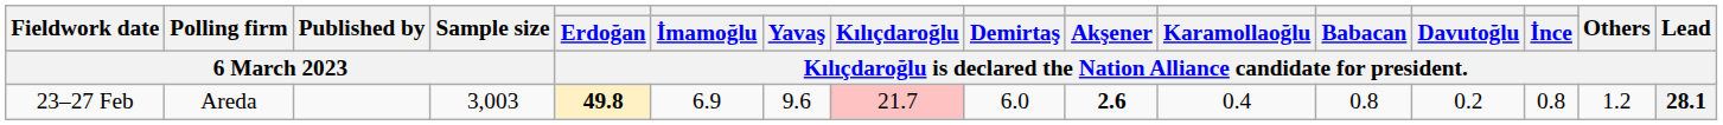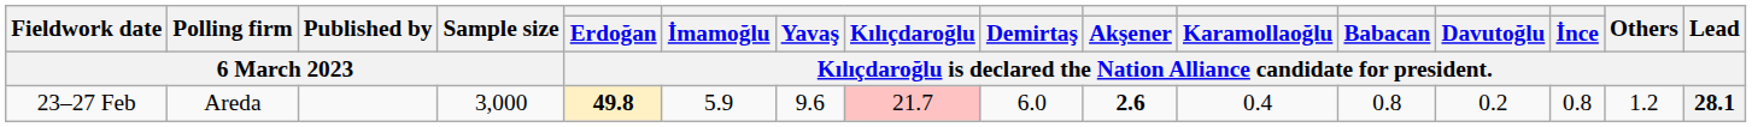 <table class="wikitable mw-datatable mw-collapsible" style="text-align:center; font-size:85%; line-height:14px;">
 <tr>
 <th rowspan="2">Fieldwork date</th>
 <th rowspan="2">Polling firm</th>
 <th rowspan="2">Published by</th>
 <th rowspan="2">Sample size</th>
 <th style="background:"></th>
 <th colspan="3" style="background:"></th>
 <th style="background:"></th>
 <th style="background:"></th>
 <th style="background:"></th>
 <th style="background:"></th>
 <th style="background:"></th>
 <th style="background:"></th>
 <th rowspan="2">Others</th>
 <th rowspan="2">Lead</th>
 </tr>
 <tr>
 <th><a href='#'>Erdoğan</a><br></th>
 <th><a href='#'>İmamoğlu</a><br></th>
 <th><a href='#'>Yavaş</a><br></th>
 <th><a href='#'>Kılıçdaroğlu</a><br></th>
 <th><a href='#'>Demirtaş</a><br></th>
 <th><a href='#'>Akşener</a><br></th>
 <th><a href='#'>Karamollaoğlu</a><br></th>
 <th><a href='#'>Babacan</a><br></th>
 <th><a href='#'>Davutoğlu</a><br></th>
 <th><a href='#'>İnce</a><br></th>
 </tr>
 <tr>
 <th colspan="4">6 March 2023</th>
 <th colspan="12"><a href='#'>Kılıçdaroğlu</a> is declared the <a href='#'>Nation Alliance</a> candidate for president.</th>
 </tr>
 <tr>
 <td>23–27 Feb</td>
 <td>Areda</td>
 <td></td>
-<td>3,003</td>
+<td>3,000</td>
 <td style="background:#FFF1C4"><strong>49.8</strong></td>
-<td>6.9</td>
+<td>5.9</td>
 <td>9.6</td>
 <td style="background:#FFC2C2">21.7</td>
 <td>6.0</td>
 <td><strong>2.6</strong></td>
 <td>0.4</td>
 <td>0.8</td>
 <td>0.2</td>
 <td>0.8</td>
 <td>1.2</td>
 <th style="background:">28.1</th>
 </tr>
 </table>
